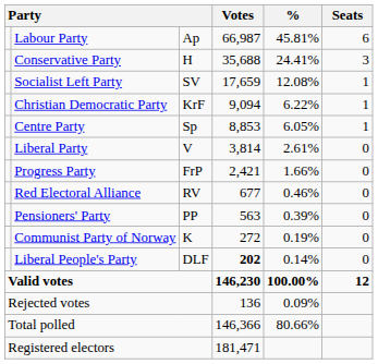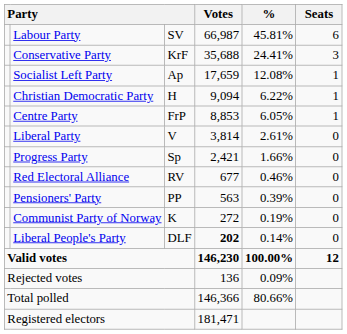 <table class="wikitable" border="1" style="text-align:right;">
 <tr>
 <th style="text-align:left;" colspan=3>Party</th>
 <th align=center width="50">Votes</th>
 <th align=center width="50">%</th>
 <th align=center width="50">Seats</th>
 </tr>
 <tr>
 <td style="color:inherit;background:"></td>
 <td align=left><a href='#'>Labour Party</a></td>
-<td align=left>Ap</td>
+<td align=left>SV</td>
 <td>66,987</td>
 <td>45.81%</td>
 <td>6</td>
 </tr>
 <tr>
 <td style="color:inherit;background:"></td>
 <td align=left><a href='#'>Conservative Party</a></td>
-<td align=left>H</td>
+<td align=left>KrF</td>
 <td>35,688</td>
 <td>24.41%</td>
 <td>3</td>
 </tr>
 <tr>
 <td style="color:inherit;background:"></td>
 <td align=left><a href='#'>Socialist Left Party</a></td>
-<td align=left>SV</td>
+<td align=left>Ap</td>
 <td>17,659</td>
 <td>12.08%</td>
 <td>1</td>
 </tr>
 <tr>
 <td style="color:inherit;background:"></td>
 <td align=left><a href='#'>Christian Democratic Party</a></td>
-<td align=left>KrF</td>
+<td align=left>H</td>
 <td>9,094</td>
 <td>6.22%</td>
 <td>1</td>
 </tr>
 <tr>
 <td style="color:inherit;background:"></td>
 <td align=left><a href='#'>Centre Party</a></td>
-<td align=left>Sp</td>
+<td align=left>FrP</td>
 <td>8,853</td>
 <td>6.05%</td>
 <td>1</td>
 </tr>
 <tr>
 <td style="color:inherit;background:"></td>
 <td align=left><a href='#'>Liberal Party</a></td>
 <td align=left>V</td>
 <td>3,814</td>
 <td>2.61%</td>
 <td>0</td>
 </tr>
 <tr>
 <td style="color:inherit;background:"></td>
 <td align=left><a href='#'>Progress Party</a></td>
-<td align=left>FrP</td>
+<td align=left>Sp</td>
 <td>2,421</td>
 <td>1.66%</td>
 <td>0</td>
 </tr>
 <tr>
 <td style="color:inherit;background:"></td>
 <td align=left><a href='#'>Red Electoral Alliance</a></td>
 <td align=left>RV</td>
 <td>677</td>
 <td>0.46%</td>
 <td>0</td>
 </tr>
 <tr>
 <td style="color:inherit;background:"></td>
 <td align=left><a href='#'>Pensioners' Party</a></td>
 <td align=left>PP</td>
 <td>563</td>
 <td>0.39%</td>
 <td>0</td>
 </tr>
 <tr>
 <td style="color:inherit;background:"></td>
 <td align=left><a href='#'>Communist Party of Norway</a></td>
 <td align=left>K</td>
 <td>272</td>
 <td>0.19%</td>
 <td>0</td>
 </tr>
 <tr>
 <td style="color:inherit;background:"></td>
 <td align=left><a href='#'>Liberal People's Party</a></td>
 <td align=left>DLF</td>
 <td><strong>202</strong></td>
 <td>0.14%</td>
 <td>0</td>
 </tr>
 <tr style="font-weight:bold">
 <td align=left colspan=3>Valid votes</td>
 <td>146,230</td>
 <td>100.00%</td>
 <td>12</td>
 </tr>
 <tr>
 <td align=left colspan=3>Rejected votes</td>
 <td>136</td>
 <td>0.09%</td>
 <td></td>
 </tr>
 <tr>
 <td align=left colspan=3>Total polled</td>
 <td>146,366</td>
 <td>80.66%</td>
 <td></td>
 </tr>
 <tr>
 <td align=left colspan=3>Registered electors</td>
 <td>181,471</td>
 <td></td>
 <td></td>
 </tr>
 </table>
